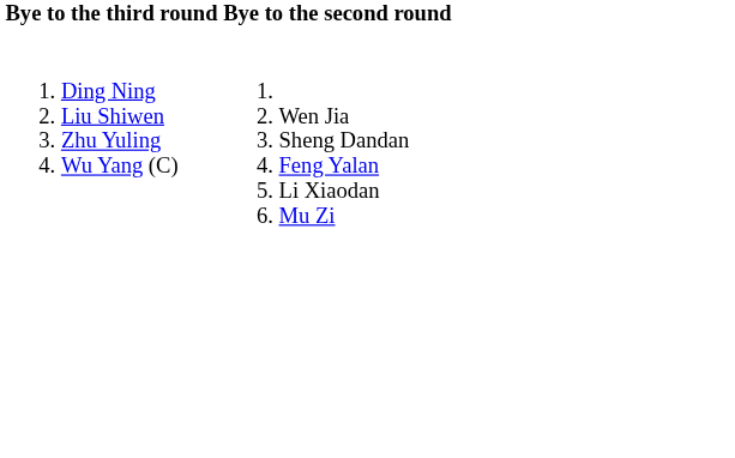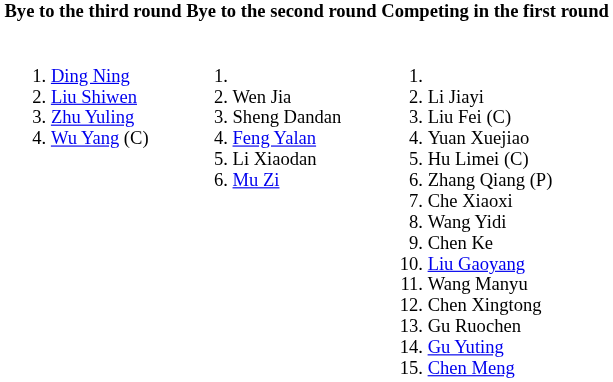 <table>
 <tr>
 <th>Bye to the third round</th>
 <th>Bye to the second round</th>
+<th>Competing in the first round</th>
 </tr>
 <tr valign="top">
 <td><br><ol><li><a href='#'>Ding Ning</a></li><li><a href='#'>Liu Shiwen</a></li><li><a href='#'>Zhu Yuling</a></li><li><a href='#'>Wu Yang</a> (C)</li></ol></td>
 <td><br><ol><li><li>Wen Jia</li></li><li>Sheng Dandan</li><li><a href='#'>Feng Yalan</a></li><li>Li Xiaodan</li><li><a href='#'>Mu Zi</a></li></ol></td>
+<td><br><ol><li><li>Li Jiayi</li></li><li>Liu Fei (C)</li><li>Yuan Xuejiao</li><li>Hu Limei (C)</li><li>Zhang Qiang (P)</li><li>Che Xiaoxi</li><li>Wang Yidi</li><li>Chen Ke</li><li><a href='#'>Liu Gaoyang</a></li><li>Wang Manyu</li><li>Chen Xingtong</li><li>Gu Ruochen</li><li><a href='#'>Gu Yuting</a></li><li><a href='#'>Chen Meng</a></li></ol></td>
 </tr>
 </table>
